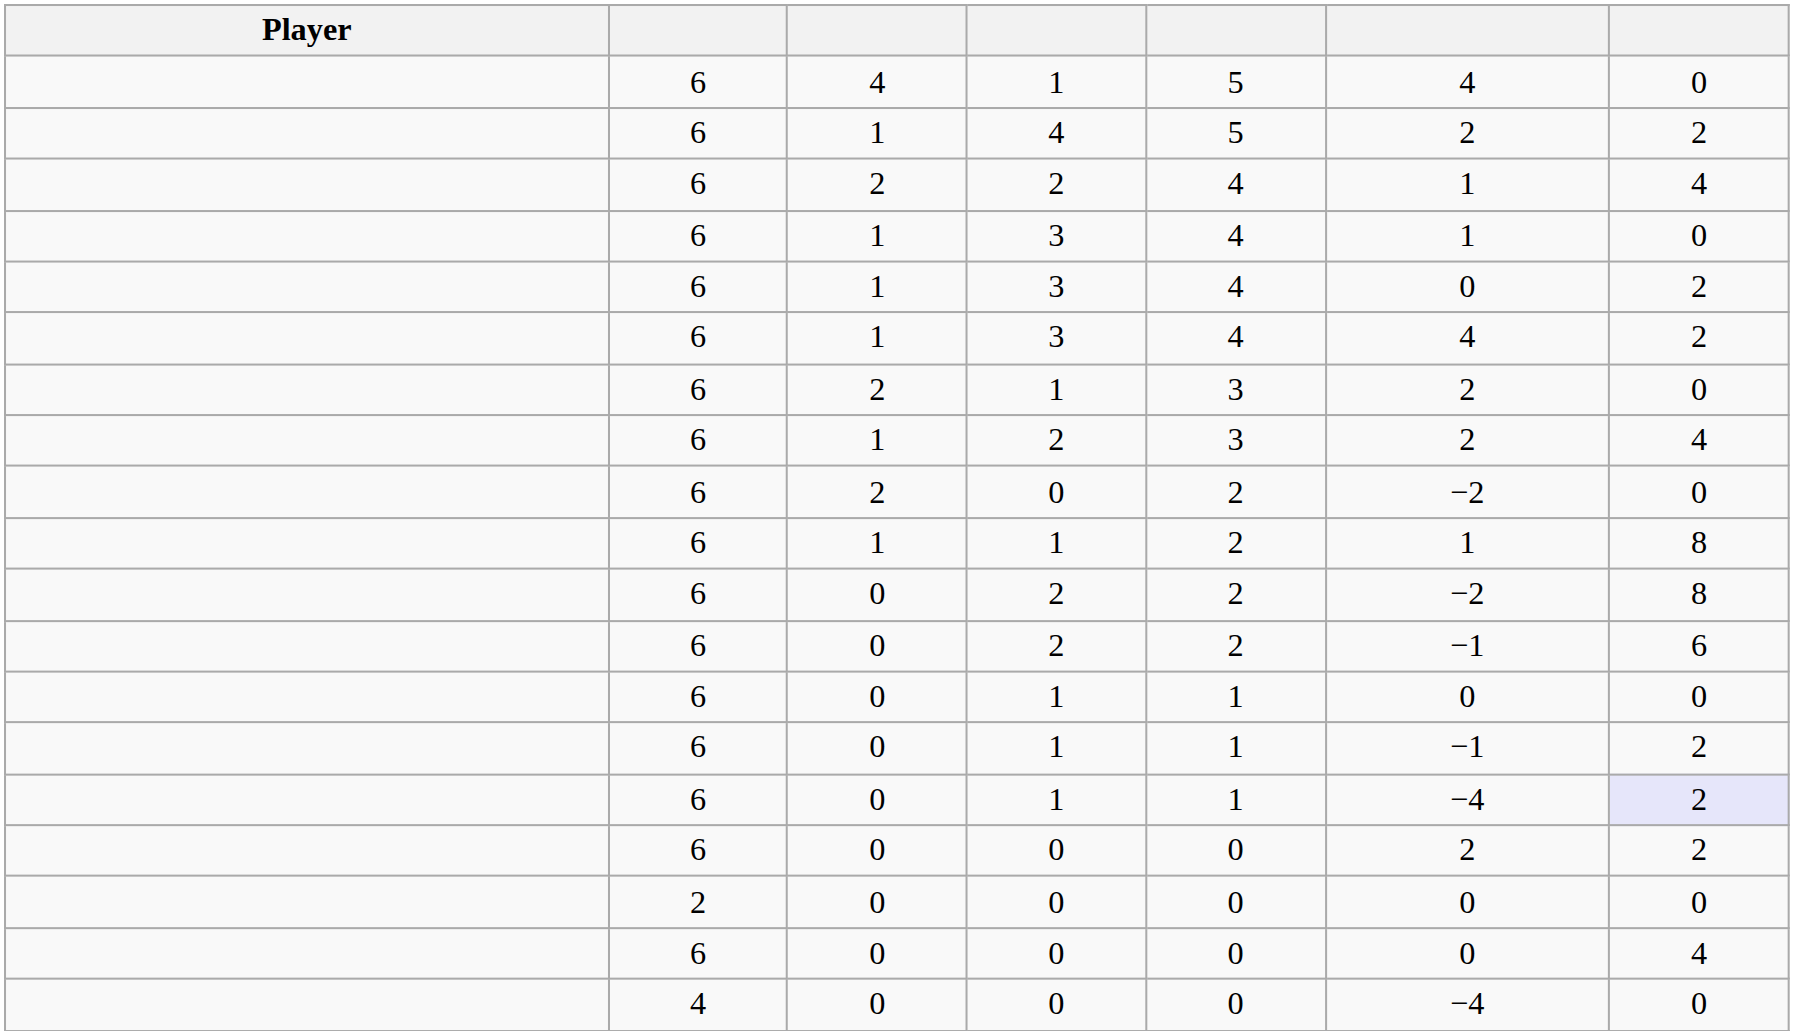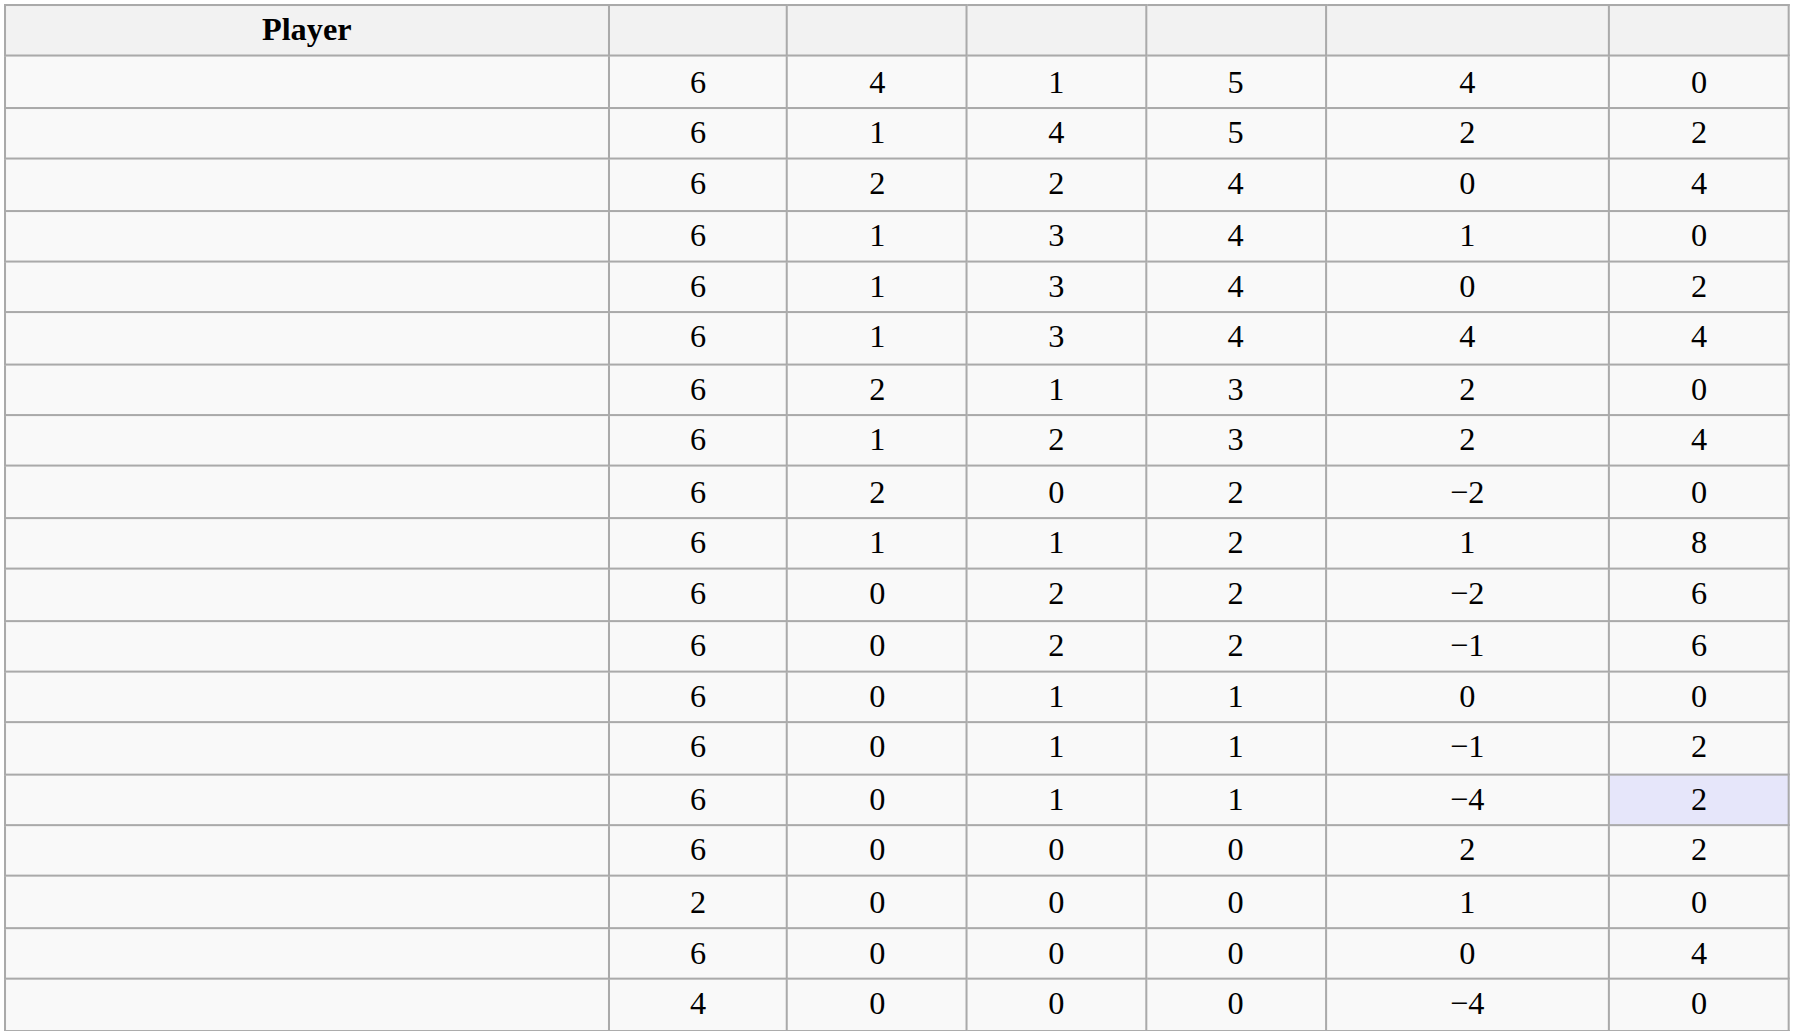 <table class="wikitable sortable" style="width:100%; text-align:center;">
 <tr>
 <th>Player</th>
 <th></th>
 <th></th>
 <th></th>
 <th></th>
 <th data-sort-type="number"></th>
 <th></th>
 </tr>
 <tr>
 <td></td>
 <td>6</td>
 <td>4</td>
 <td>1</td>
 <td>5</td>
 <td>4</td>
 <td>0</td>
 </tr>
 <tr>
 <td></td>
 <td>6</td>
 <td>1</td>
 <td>4</td>
 <td>5</td>
 <td>2</td>
 <td>2</td>
 </tr>
 <tr>
 <td></td>
 <td>6</td>
 <td>2</td>
 <td>2</td>
 <td>4</td>
-<td>1</td>
+<td>0</td>
 <td>4</td>
 </tr>
 <tr>
 <td></td>
 <td>6</td>
 <td>1</td>
 <td>3</td>
 <td>4</td>
 <td>1</td>
 <td>0</td>
 </tr>
 <tr>
 <td></td>
 <td>6</td>
 <td>1</td>
 <td>3</td>
 <td>4</td>
 <td>0</td>
 <td>2</td>
 </tr>
 <tr>
 <td></td>
 <td>6</td>
 <td>1</td>
 <td>3</td>
 <td>4</td>
 <td>4</td>
-<td>2</td>
+<td>4</td>
 </tr>
 <tr>
 <td></td>
 <td>6</td>
 <td>2</td>
 <td>1</td>
 <td>3</td>
 <td>2</td>
 <td>0</td>
 </tr>
 <tr>
 <td></td>
 <td>6</td>
 <td>1</td>
 <td>2</td>
 <td>3</td>
 <td>2</td>
 <td>4</td>
 </tr>
 <tr>
 <td></td>
 <td>6</td>
 <td>2</td>
 <td>0</td>
 <td>2</td>
 <td>−2</td>
 <td>0</td>
 </tr>
 <tr>
 <td></td>
 <td>6</td>
 <td>1</td>
 <td>1</td>
 <td>2</td>
 <td>1</td>
 <td>8</td>
 </tr>
 <tr>
 <td></td>
 <td>6</td>
 <td>0</td>
 <td>2</td>
 <td>2</td>
 <td>−2</td>
-<td>8</td>
+<td>6</td>
 </tr>
 <tr>
 <td></td>
 <td>6</td>
 <td>0</td>
 <td>2</td>
 <td>2</td>
 <td>−1</td>
 <td>6</td>
 </tr>
 <tr>
 <td></td>
 <td>6</td>
 <td>0</td>
 <td>1</td>
 <td>1</td>
 <td>0</td>
 <td>0</td>
 </tr>
 <tr>
 <td></td>
 <td>6</td>
 <td>0</td>
 <td>1</td>
 <td>1</td>
 <td>−1</td>
 <td>2</td>
 </tr>
 <tr>
 <td></td>
 <td>6</td>
 <td>0</td>
 <td>1</td>
 <td>1</td>
 <td>−4</td>
 <td style="background: lavender;">2</td>
 </tr>
 <tr>
 <td></td>
 <td>6</td>
 <td>0</td>
 <td>0</td>
 <td>0</td>
 <td>2</td>
 <td>2</td>
 </tr>
 <tr>
 <td></td>
 <td>2</td>
 <td>0</td>
 <td>0</td>
 <td>0</td>
-<td>0</td>
+<td>1</td>
 <td>0</td>
 </tr>
 <tr>
 <td></td>
 <td>6</td>
 <td>0</td>
 <td>0</td>
 <td>0</td>
 <td>0</td>
 <td>4</td>
 </tr>
 <tr>
 <td></td>
 <td>4</td>
 <td>0</td>
 <td>0</td>
 <td>0</td>
 <td>−4</td>
 <td>0</td>
 </tr>
 <tr>
 </tr>
 </table>
